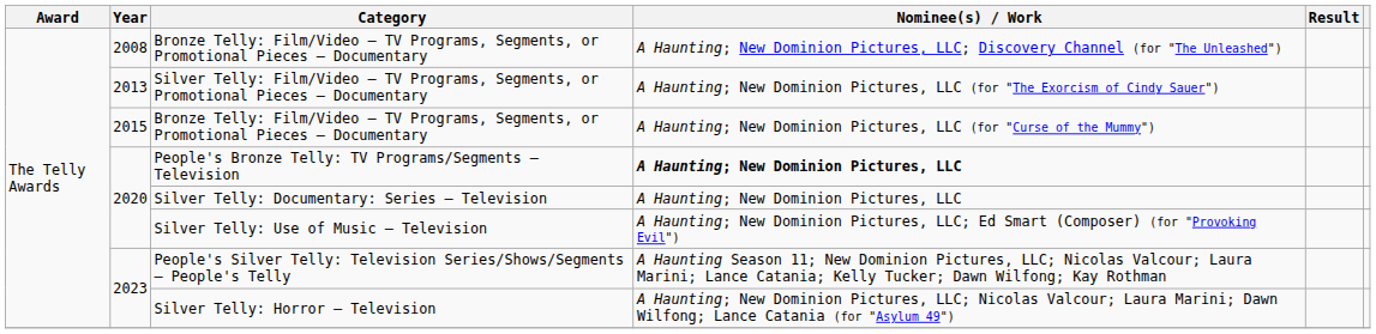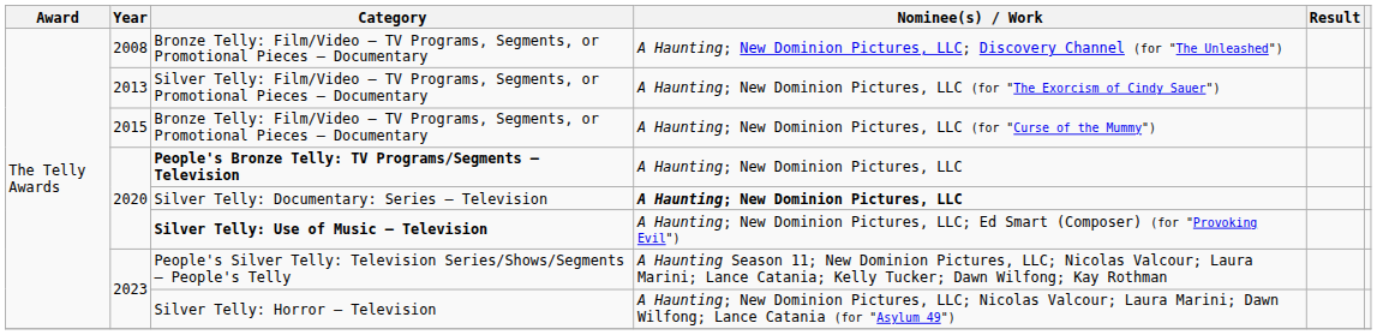 <table class="wikitable sortable plainrowheaders">
 <tr>
 <th scope="col">Award</th>
 <th scope="col">Year</th>
 <th scope="col">Category</th>
 <th scope="col">Nominee(s) / Work</th>
 <th scope="col">Result</th>
 <th scope="col" class="unsortable"></th>
 </tr>
 <tr>
 <td scope="row" rowspan="8">The Telly Awards</td>
 <td>2008</td>
 <td>Bronze Telly: Film/Video – TV Programs, Segments, or Promotional Pieces – Documentary</td>
 <td><em>A Haunting</em>; <a href='#'>New Dominion Pictures, LLC</a>; <a href='#'>Discovery Channel</a> <small>(for "<a href='#'>The Unleashed</a>")</small></td>
 <td></td>
 <td style="text-align:center;"></td>
 </tr>
 <tr>
 <td>2013</td>
 <td>Silver Telly: Film/Video – TV Programs, Segments, or Promotional Pieces – Documentary</td>
 <td><em>A Haunting</em>; New Dominion Pictures, LLC <small>(for "<a href='#'>The Exorcism of Cindy Sauer</a>")</small></td>
 <td></td>
 <td style="text-align:center;"></td>
 </tr>
 <tr>
 <td>2015</td>
 <td>Bronze Telly: Film/Video – TV Programs, Segments, or Promotional Pieces – Documentary</td>
 <td><em>A Haunting</em>; New Dominion Pictures, LLC <small>(for "<a href='#'>Curse of the Mummy</a>")</small></td>
 <td></td>
 <td style="text-align:center;"></td>
 </tr>
 <tr>
 <td scope="row" rowspan="3">2020</td>
-<td>People's Bronze Telly: TV Programs/Segments – Television</td>
+<td><strong>People's Bronze Telly: TV Programs/Segments – Television</strong></td>
+<td><em>A Haunting</em>; New Dominion Pictures, LLC</td>
+<td></td>
+<td style="text-align:center;"></td>
+</tr>
+<tr>
+<td>Silver Telly: Documentary: Series – Television</td>
 <td><strong><em>A Haunting</em>; New Dominion Pictures, LLC</strong></td>
 <td></td>
 <td style="text-align:center;"></td>
 </tr>
 <tr>
-<td>Silver Telly: Documentary: Series – Television</td>
-<td><em>A Haunting</em>; New Dominion Pictures, LLC</td>
-<td></td>
-<td style="text-align:center;"></td>
-</tr>
-<tr>
-<td>Silver Telly: Use of Music – Television</td>
+<td><strong>Silver Telly: Use of Music – Television</strong></td>
 <td><em>A Haunting</em>; New Dominion Pictures, LLC; Ed Smart (Composer) <small>(for "<a href='#'>Provoking Evil</a>")</small></td>
 <td></td>
 <td style="text-align:center;"></td>
 </tr>
 <tr>
 <td scope="row" rowspan="2">2023</td>
 <td>People's Silver Telly: Television Series/Shows/Segments – People's Telly</td>
 <td><em>A Haunting</em> Season 11; New Dominion Pictures, LLC; Nicolas Valcour; Laura Marini; Lance Catania; Kelly Tucker; Dawn Wilfong; Kay Rothman</td>
 <td></td>
 <td style="text-align:center;"></td>
 </tr>
 <tr>
 <td>Silver Telly: Horror – Television</td>
 <td><em>A Haunting</em>; New Dominion Pictures, LLC; Nicolas Valcour; Laura Marini; Dawn Wilfong; Lance Catania <small>(for "<a href='#'>Asylum 49</a>")</small></td>
 <td></td>
 <td style="text-align:center;"></td>
 </tr>
 <tr>
 </tr>
 </table>
